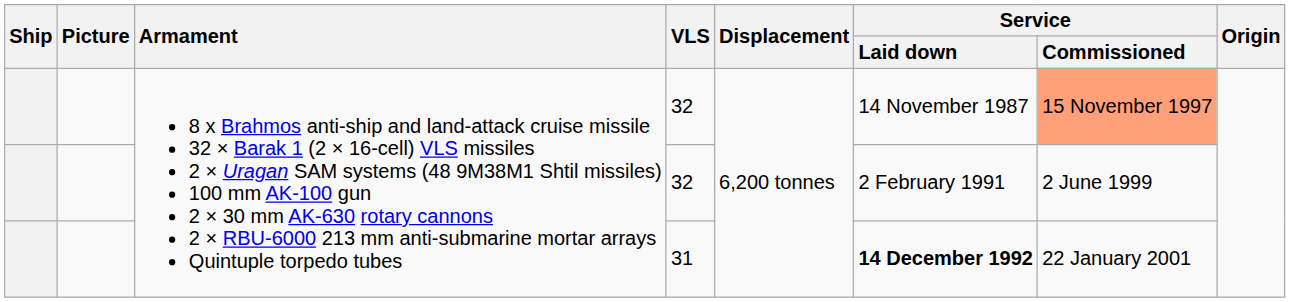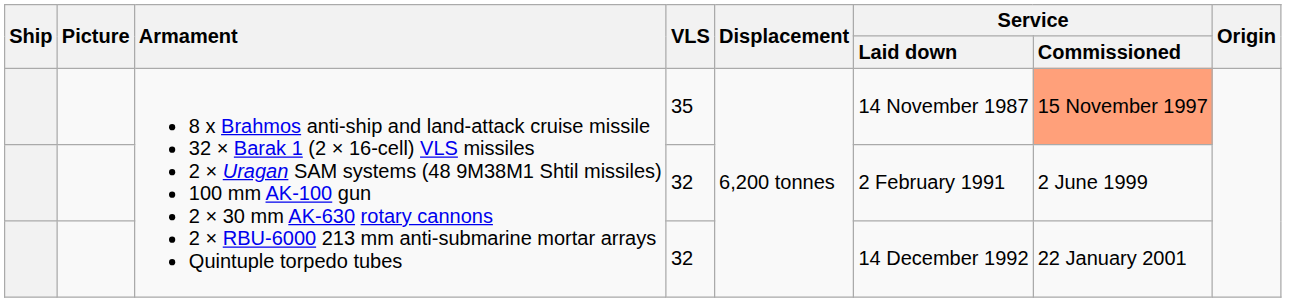 <table class="wikitable">
 <tr>
 <th align= center scope=col rowspan=2 style="text-align:left; ">Ship</th>
 <th align= center scope=col rowspan=2 style="text-align:left; ">Picture</th>
 <th align= center scope=col rowspan=2 style="text-align:left; ">Armament</th>
 <th rowspan="2">VLS</th>
 <th rowspan="2" align="center" scope="col" style="text-align:left; ">Displacement</th>
 <th align= center scope=col colspan=2 style="text-align:center; ">Service</th>
 <th align= center scope=col rowspan=2 style="text-align:left; ">Origin</th>
 </tr>
 <tr valign="center">
 <th align= center scope=col style="text-align:left; ">Laid down</th>
 <th align= center scope=col style="text-align:left; ">Commissioned</th>
 </tr>
 <tr valign="center">
 <th scope="row"></th>
 <td></td>
 <td rowspan=3><br><ul><li>8 x <a href='#'>Brahmos</a> anti-ship and land-attack cruise missile</li><li>32 × <a href='#'>Barak 1</a> (2 × 16-cell) <a href='#'>VLS</a> missiles</li><li>2 × <a href='#'><em>Uragan</em></a> SAM systems (48 9M38M1 Shtil missiles)</li><li>100 mm <a href='#'>AK-100</a> gun</li><li>2 × 30 mm <a href='#'>AK-630</a> <a href='#'>rotary cannons</a></li><li>2 × <a href='#'>RBU-6000</a> 213 mm anti-submarine mortar arrays</li><li>Quintuple  torpedo tubes</li></ul></td>
-<td>32</td>
+<td>35</td>
 <td rowspan="3">6,200 tonnes</td>
 <td>14 November 1987</td>
 <td style="background: lightsalmon;">15 November 1997</td>
 <td rowspan=3></td>
 </tr>
 <tr>
 <th scope="row"></th>
 <td></td>
 <td>32</td>
 <td>2 February 1991</td>
 <td>2 June 1999</td>
 </tr>
 <tr>
 <th scope="row"></th>
 <td></td>
-<td>31</td>
-<td><strong>14 December 1992</strong></td>
+<td>32</td>
+<td>14 December 1992</td>
 <td>22 January 2001</td>
 </tr>
 </table>
